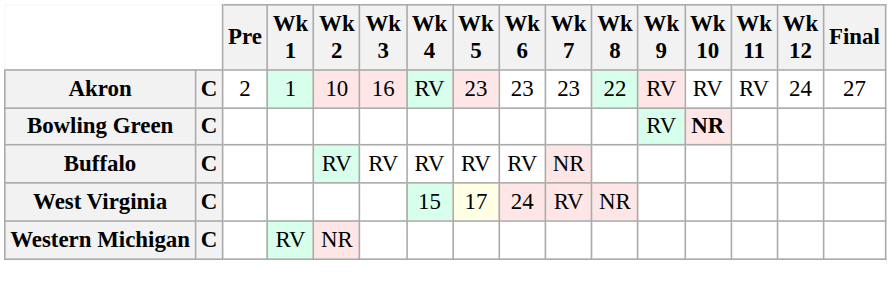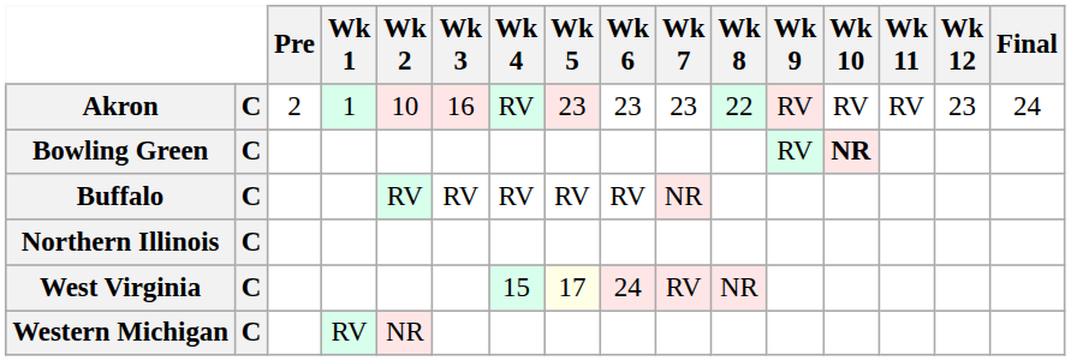 <table class="wikitable" style="white-space:nowrap;font-size:90%;">
 <tr>
 <th colspan=2 style="background:white; border-top-style:hidden; border-left-style:hidden;"> </th>
 <th>Pre</th>
 <th>Wk<br>1</th>
 <th>Wk<br>2</th>
 <th>Wk<br>3</th>
 <th>Wk<br>4</th>
 <th>Wk<br>5</th>
 <th>Wk<br>6</th>
 <th>Wk<br>7</th>
 <th>Wk<br>8</th>
 <th>Wk<br>9</th>
 <th>Wk<br>10</th>
 <th>Wk<br>11</th>
 <th>Wk<br>12</th>
 <th>Final</th>
 </tr>
 <tr style="text-align:center;">
 <th>Akron</th>
 <th>C</th>
 <td style="background:#FFF;"> 2</td>
 <td style="background:#D8FFEB;"> 1</td>
 <td style="background:#FFE6E6;"> 10</td>
 <td style="background:#FFE6E6;"> 16</td>
 <td style="background:#D8FFEB;"> RV</td>
 <td style="background:#FFE6E6;"> 23</td>
 <td style="background:#FFF;"> 23</td>
 <td style="background:#FFF;"> 23</td>
 <td style="background:#D8FFEB;"> 22</td>
 <td style="background:#FFE6E6;"> RV</td>
 <td style="background:#FFF;"> RV</td>
 <td style="background:#FFF;"> RV</td>
+<td style="background:#FFF;"> 23</td>
 <td style="background:#FFF;"> 24</td>
-<td style="background:#FFF;"> 27</td>
 </tr>
 <tr style="text-align:center;">
 <th>Bowling Green</th>
 <th>C</th>
 <td style="background:#FFF;"></td>
 <td style="background:#FFF;"></td>
 <td style="background:#FFF;"></td>
 <td style="background:#FFF;"></td>
 <td style="background:#FFF;"></td>
 <td style="background:#FFF;"></td>
 <td style="background:#FFF;"></td>
 <td style="background:#FFF;"></td>
 <td style="background:#FFF;"></td>
 <td style="background:#D8FFEB;"> RV</td>
 <td style="background:#FFE6E6;"><strong> NR</strong></td>
 <td style="background:#FFF;"></td>
 <td style="background:#FFF;"></td>
 <td style="background:#FFF;"></td>
 </tr>
 <tr style="text-align:center;">
 <th>Buffalo</th>
 <th>C</th>
 <td style="background:#FFF;"></td>
 <td style="background:#FFF;"></td>
 <td style="background:#D8FFEB;"> RV</td>
 <td style="background:#FFF;"> RV</td>
 <td style="background:#FFF;"> RV</td>
 <td style="background:#FFF;"> RV</td>
 <td style="background:#FFF;"> RV</td>
 <td style="background:#FFE6E6;"> NR</td>
+<td style="background:#FFF;"></td>
+<td style="background:#FFF;"></td>
+<td style="background:#FFF;"></td>
+<td style="background:#FFF;"></td>
+<td style="background:#FFF;"></td>
+<td style="background:#FFF;"></td>
+</tr>
+<tr style="text-align:center;">
+<th>Northern Illinois</th>
+<th>C</th>
+<td style="background:#FFF;"></td>
+<td style="background:#FFF;"></td>
+<td style="background:#FFF;"></td>
+<td style="background:#FFF;"></td>
+<td style="background:#FFF;"></td>
+<td style="background:#FFF;"></td>
+<td style="background:#FFF;"></td>
+<td style="background:#FFF;"></td>
 <td style="background:#FFF;"></td>
 <td style="background:#FFF;"></td>
 <td style="background:#FFF;"></td>
 <td style="background:#FFF;"></td>
 <td style="background:#FFF;"></td>
 <td style="background:#FFF;"></td>
 </tr>
 <tr style="text-align:center;">
 <th>West Virginia</th>
 <th>C</th>
 <td style="background:#FFF;"></td>
 <td style="background:#FFF;"></td>
 <td style="background:#FFF;"></td>
 <td style="background:#FFF;"></td>
 <td style="background:#D8FFEB;"> 15</td>
 <td style="background:#FFFFE6;"> 17</td>
 <td style="background:#FFE6E6;"> 24</td>
 <td style="background:#FFE6E6;"> RV</td>
 <td style="background:#FFE6E6;"> NR</td>
 <td style="background:#FFF;"></td>
 <td style="background:#FFF;"></td>
 <td style="background:#FFF;"></td>
 <td style="background:#FFF;"></td>
 <td style="background:#FFF;"></td>
 </tr>
 <tr style="text-align:center;">
 <th>Western Michigan</th>
 <th>C</th>
 <td style="background:#FFF;"></td>
 <td style="background:#D8FFEB;"> RV</td>
 <td style="background:#FFE6E6;"> NR</td>
 <td style="background:#FFF;"></td>
 <td style="background:#FFF;"></td>
 <td style="background:#FFF;"></td>
 <td style="background:#FFF;"></td>
 <td style="background:#FFF;"></td>
 <td style="background:#FFF;"></td>
 <td style="background:#FFF;"></td>
 <td style="background:#FFF;"></td>
 <td style="background:#FFF;"></td>
 <td style="background:#FFF;"></td>
 <td style="background:#FFF;"></td>
 </tr>
 </table>
